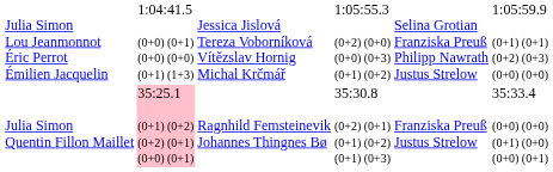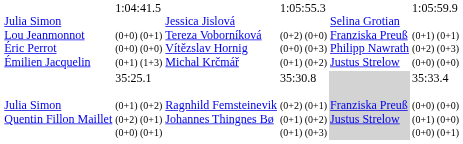 <table>
 <tr>
 <td><br></td>
 <td><br><a href='#'>Julia Simon</a><br><a href='#'>Lou Jeanmonnot</a><br><a href='#'>Éric Perrot</a><br><a href='#'>Émilien Jacquelin</a></td>
 <td>1:04:41.5<br><small><br>(0+0) (0+1)<br>(0+0) (0+0)<br>(0+1) (1+3)</small></td>
 <td><br><a href='#'>Jessica Jislová</a><br><a href='#'>Tereza Voborníková</a><br><a href='#'>Vítězslav Hornig</a><br><a href='#'>Michal Krčmář</a></td>
 <td>1:05:55.3<br><small><br>(0+2) (0+0)<br>(0+0) (0+3)<br>(0+1) (0+2)</small></td>
 <td><br><a href='#'>Selina Grotian</a><br><a href='#'>Franziska Preuß</a><br><a href='#'>Philipp Nawrath</a><br><a href='#'>Justus Strelow</a></td>
 <td>1:05:59.9<br><small><br>(0+1) (0+1)<br>(0+2) (0+3)<br>(0+0) (0+0)</small></td>
 </tr>
 <tr>
 <td><br></td>
 <td><br><a href='#'>Julia Simon</a><br><a href='#'>Quentin Fillon Maillet</a></td>
-<td style="background: pink;">35:25.1<br><small><br>(0+1) (0+2)<br>(0+2) (0+1)<br>(0+0) (0+1)</small></td>
+<td>35:25.1<br><small><br>(0+1) (0+2)<br>(0+2) (0+1)<br>(0+0) (0+1)</small></td>
 <td><br><a href='#'>Ragnhild Femsteinevik</a><br><a href='#'>Johannes Thingnes Bø</a></td>
 <td>35:30.8<br><small><br>(0+2) (0+1)<br>(0+1) (0+2)<br>(0+1) (0+3)</small></td>
-<td><br><a href='#'>Franziska Preuß</a><br><a href='#'>Justus Strelow</a></td>
+<td style="background: lightgrey;"><br><a href='#'>Franziska Preuß</a><br><a href='#'>Justus Strelow</a></td>
 <td>35:33.4<br><small><br>(0+0) (0+0)<br>(0+1) (0+0)<br>(0+0) (0+1)</small></td>
 </tr>
 </table>
